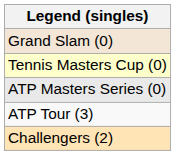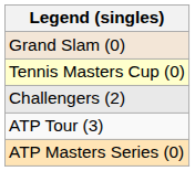 <table class="wikitable sortable mw-collapsible mw-collapsed">
 <tr>
 <th>Legend (singles)</th>
 </tr>
 <tr style="background:#f3e6d7;">
 <td>Grand Slam (0)</td>
 </tr>
 <tr style="background:#ffc;">
 <td>Tennis Masters Cup (0)</td>
 </tr>
 <tr style="background:#e9e9e9;">
-<td>ATP Masters Series (0)</td>
+<td>Challengers (2)</td>
 </tr>
 <tr>
 <td>ATP Tour (3)</td>
 </tr>
 <tr bgcolor="moccasin">
-<td>Challengers (2)</td>
+<td>ATP Masters Series (0)</td>
 </tr>
 </table>
